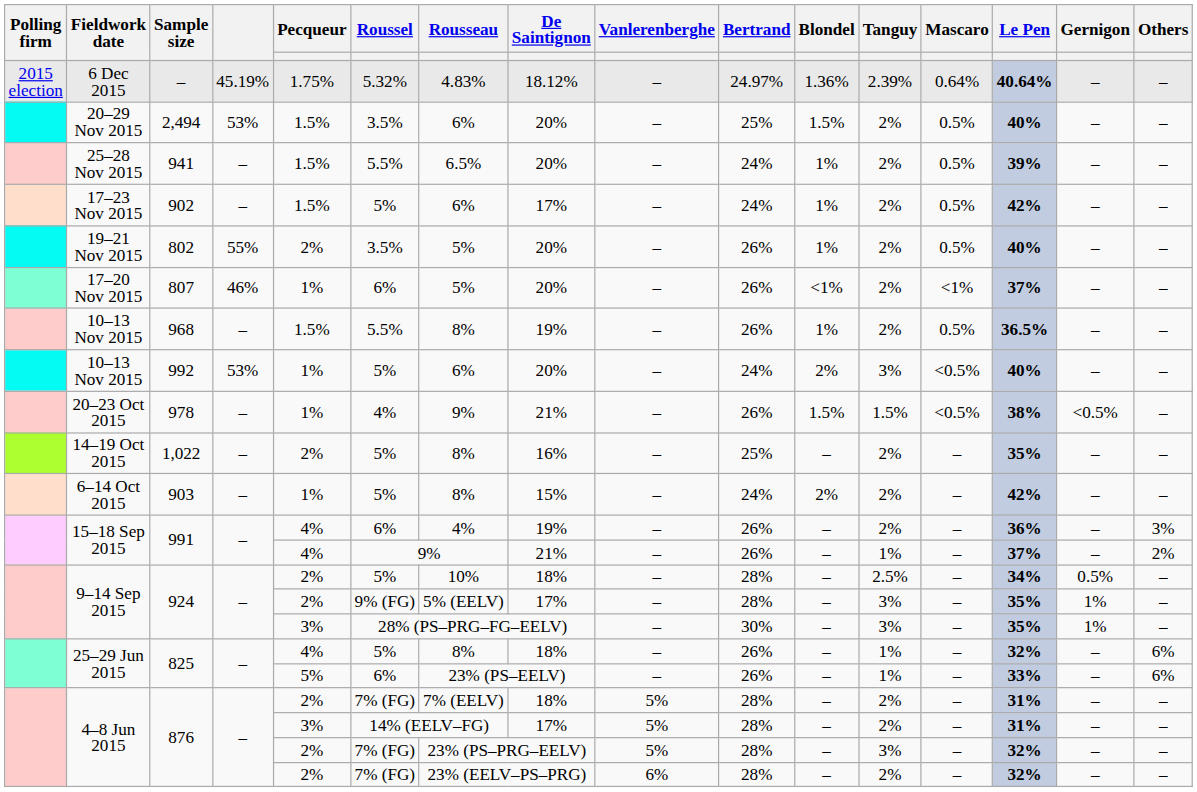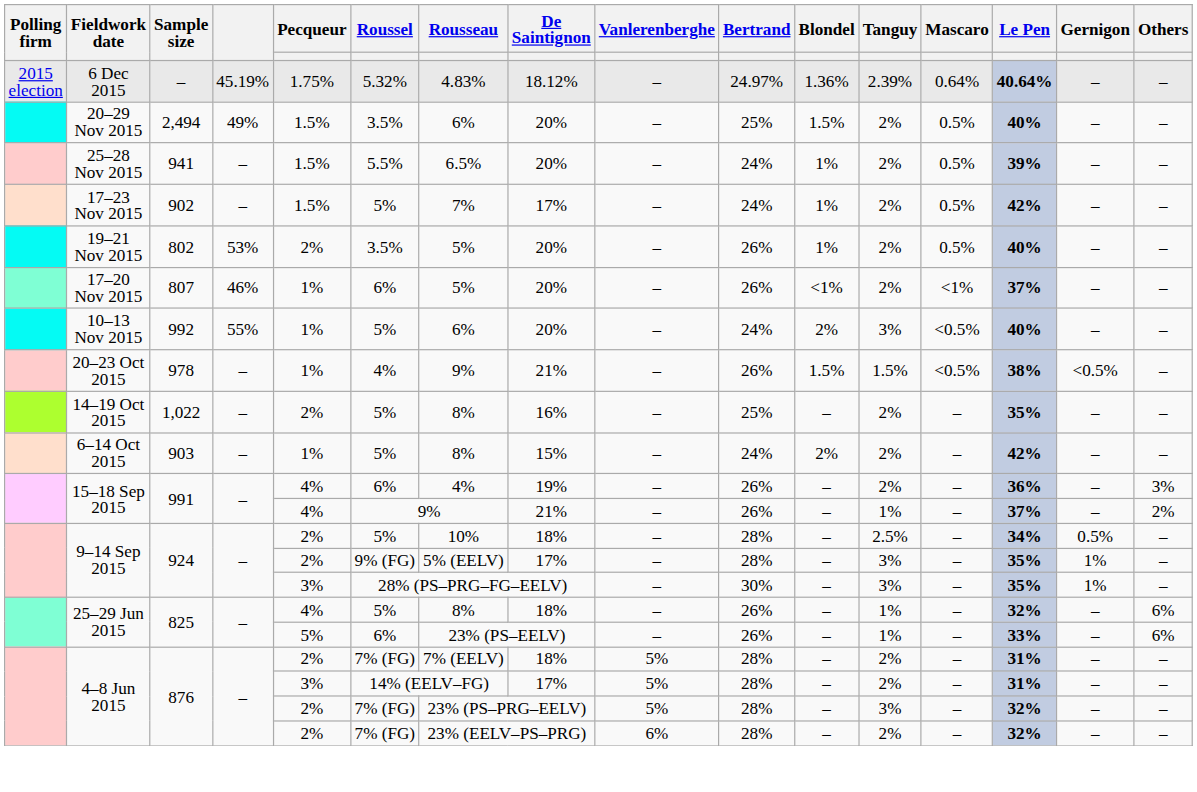 <table class="wikitable sortable" style="text-align:center;font-size:90%;line-height:14px;">
 <tr style="height:40px;">
 <th style="width:100px;" rowspan="2">Polling firm</th>
 <th style="width:110px;" rowspan="2">Fieldwork date</th>
 <th style="width:35px;" rowspan="2">Sample<br>size</th>
 <th style="width:30px;" rowspan="2"></th>
 <th class="unsortable" style="width:60px;">Pecqueur<br></th>
 <th class="unsortable" style="width:60px;"><a href='#'>Roussel</a><br></th>
 <th class="unsortable" style="width:60px;"><a href='#'>Rousseau</a><br></th>
 <th class="unsortable" style="width:60px;"><a href='#'>De Saintignon</a><br></th>
 <th class="unsortable" style="width:60px;"><a href='#'>Vanlerenberghe</a><br></th>
 <th class="unsortable" style="width:60px;"><a href='#'>Bertrand</a><br></th>
 <th class="unsortable" style="width:60px;">Blondel<br></th>
 <th class="unsortable" style="width:60px;">Tanguy<br></th>
 <th class="unsortable" style="width:60px;">Mascaro<br></th>
 <th class="unsortable" style="width:60px;"><a href='#'>Le Pen</a><br></th>
 <th class="unsortable" style="width:60px;">Gernigon<br></th>
 <th class="unsortable" style="width:60px;">Others</th>
 </tr>
 <tr>
 <th style="background:"></th>
 <th style="background:"></th>
 <th style="background:"></th>
 <th style="background:"></th>
 <th style="background:"></th>
 <th style="background:"></th>
 <th style="background:"></th>
 <th style="background:"></th>
 <th style="background:"></th>
 <th style="background:"></th>
 <th style="background:"></th>
 <th style="background:"></th>
 </tr>
 <tr style="background:#E9E9E9;">
 <td><a href='#'>2015 election</a></td>
 <td data-sort-value="2015-12-06">6 Dec 2015</td>
 <td>–</td>
 <td>45.19%</td>
 <td>1.75%</td>
 <td>5.32%</td>
 <td>4.83%</td>
 <td>18.12%</td>
 <td>–</td>
 <td>24.97%</td>
 <td>1.36%</td>
 <td>2.39%</td>
 <td>0.64%</td>
 <td style="background:#C1CCE1;"><strong>40.64%</strong></td>
 <td>–</td>
 <td>–</td>
 </tr>
 <tr>
 <td style="background:#04FBF4;"></td>
 <td data-sort-value="2015-11-29">20–29 Nov 2015</td>
 <td>2,494</td>
-<td>53%</td>
+<td>49%</td>
 <td>1.5%</td>
 <td>3.5%</td>
 <td>6%</td>
 <td>20%</td>
 <td>–</td>
 <td>25%</td>
 <td>1.5%</td>
 <td>2%</td>
 <td>0.5%</td>
 <td style="background:#C1CCE1;"><strong>40%</strong></td>
 <td>–</td>
 <td>–</td>
 </tr>
 <tr>
 <td style="background:#FFCCCC;"></td>
 <td data-sort-value="2015-11-28">25–28 Nov 2015</td>
 <td>941</td>
 <td>–</td>
 <td>1.5%</td>
 <td>5.5%</td>
 <td>6.5%</td>
 <td>20%</td>
 <td>–</td>
 <td>24%</td>
 <td>1%</td>
 <td>2%</td>
 <td>0.5%</td>
 <td style="background:#C1CCE1;"><strong>39%</strong></td>
 <td>–</td>
 <td>–</td>
 </tr>
 <tr>
 <td style="background:#FFDFCC;"></td>
 <td data-sort-value="2015-11-23">17–23 Nov 2015</td>
 <td>902</td>
 <td>–</td>
 <td>1.5%</td>
 <td>5%</td>
-<td>6%</td>
+<td>7%</td>
 <td>17%</td>
 <td>–</td>
 <td>24%</td>
 <td>1%</td>
 <td>2%</td>
 <td>0.5%</td>
 <td style="background:#C1CCE1;"><strong>42%</strong></td>
 <td>–</td>
 <td>–</td>
 </tr>
 <tr>
 <td style="background:#04FBF4;"></td>
 <td data-sort-value="2015-11-21">19–21 Nov 2015</td>
 <td>802</td>
-<td>55%</td>
+<td>53%</td>
 <td>2%</td>
 <td>3.5%</td>
 <td>5%</td>
 <td>20%</td>
 <td>–</td>
 <td>26%</td>
 <td>1%</td>
 <td>2%</td>
 <td>0.5%</td>
 <td style="background:#C1CCE1;"><strong>40%</strong></td>
 <td>–</td>
 <td>–</td>
 </tr>
 <tr>
 <td style="background:aquamarine;"></td>
 <td data-sort-value="2015-11-20">17–20 Nov 2015</td>
 <td>807</td>
 <td>46%</td>
 <td>1%</td>
 <td>6%</td>
 <td>5%</td>
 <td>20%</td>
 <td>–</td>
 <td>26%</td>
 <td data-sort-value="0%"><1%</td>
 <td>2%</td>
 <td data-sort-value="0%"><1%</td>
 <td style="background:#C1CCE1;"><strong>37%</strong></td>
 <td>–</td>
 <td>–</td>
 </tr>
 <tr>
-<td style="background:#FFCCCC;"></td>
-<td data-sort-value="2015-11-13">10–13 Nov 2015</td>
-<td>968</td>
-<td>–</td>
-<td>1.5%</td>
-<td>5.5%</td>
-<td>8%</td>
-<td>19%</td>
-<td>–</td>
-<td>26%</td>
-<td>1%</td>
-<td>2%</td>
-<td>0.5%</td>
-<td style="background:#C1CCE1;"><strong>36.5%</strong></td>
-<td>–</td>
-<td>–</td>
-</tr>
-<tr>
 <td style="background:#04FBF4;"></td>
 <td data-sort-value="2015-11-13">10–13 Nov 2015</td>
 <td>992</td>
-<td>53%</td>
+<td>55%</td>
 <td>1%</td>
 <td>5%</td>
 <td>6%</td>
 <td>20%</td>
 <td>–</td>
 <td>24%</td>
 <td>2%</td>
 <td>3%</td>
 <td data-sort-value="0%"><0.5%</td>
 <td style="background:#C1CCE1;"><strong>40%</strong></td>
 <td>–</td>
 <td>–</td>
 </tr>
 <tr>
 <td style="background:#FFCCCC;"></td>
 <td data-sort-value="2015-10-23">20–23 Oct 2015</td>
 <td>978</td>
 <td>–</td>
 <td>1%</td>
 <td>4%</td>
 <td>9%</td>
 <td>21%</td>
 <td>–</td>
 <td>26%</td>
 <td>1.5%</td>
 <td>1.5%</td>
 <td data-sort-value="0%"><0.5%</td>
 <td style="background:#C1CCE1;"><strong>38%</strong></td>
 <td data-sort-value="0%"><0.5%</td>
 <td>–</td>
 </tr>
 <tr>
 <td style="background:GreenYellow;"></td>
 <td data-sort-value="2015-10-19">14–19 Oct 2015</td>
 <td>1,022</td>
 <td>–</td>
 <td>2%</td>
 <td>5%</td>
 <td>8%</td>
 <td>16%</td>
 <td>–</td>
 <td>25%</td>
 <td>–</td>
 <td>2%</td>
 <td>–</td>
 <td style="background:#C1CCE1;"><strong>35%</strong></td>
 <td>–</td>
 <td>–</td>
 </tr>
 <tr>
 <td style="background:#FFDFCC;"></td>
 <td data-sort-value="2015-10-14">6–14 Oct 2015</td>
 <td>903</td>
 <td>–</td>
 <td>1%</td>
 <td>5%</td>
 <td>8%</td>
 <td>15%</td>
 <td>–</td>
 <td>24%</td>
 <td>2%</td>
 <td>2%</td>
 <td>–</td>
 <td style="background:#C1CCE1;"><strong>42%</strong></td>
 <td>–</td>
 <td>–</td>
 </tr>
 <tr>
 <td rowspan="2" style="background:#FFCCFF;"></td>
 <td rowspan="2" data-sort-value="2015-09-18">15–18 Sep 2015</td>
 <td rowspan="2">991</td>
 <td rowspan="2">–</td>
 <td>4%</td>
 <td>6%</td>
 <td>4%</td>
 <td>19%</td>
 <td>–</td>
 <td>26%</td>
 <td>–</td>
 <td>2%</td>
 <td>–</td>
 <td style="background:#C1CCE1;"><strong>36%</strong></td>
 <td>–</td>
 <td>3%</td>
 </tr>
 <tr>
 <td>4%</td>
 <td colspan="2">9%</td>
 <td>21%</td>
 <td>–</td>
 <td>26%</td>
 <td>–</td>
 <td>1%</td>
 <td>–</td>
 <td style="background:#C1CCE1;"><strong>37%</strong></td>
 <td>–</td>
 <td>2%</td>
 </tr>
 <tr>
 <td rowspan="3" style="background:#FFCCCC;"></td>
 <td rowspan="3" data-sort-value="2015-09-14">9–14 Sep 2015</td>
 <td rowspan="3">924</td>
 <td rowspan="3">–</td>
 <td>2%</td>
 <td>5%</td>
 <td>10%</td>
 <td>18%</td>
 <td>–</td>
 <td>28%</td>
 <td>–</td>
 <td>2.5%</td>
 <td>–</td>
 <td style="background:#C1CCE1;"><strong>34%</strong></td>
 <td>0.5%</td>
 <td>–</td>
 </tr>
 <tr>
 <td>2%</td>
 <td>9% (FG)</td>
 <td>5% (EELV)</td>
 <td>17%</td>
 <td>–</td>
 <td>28%</td>
 <td>–</td>
 <td>3%</td>
 <td>–</td>
 <td style="background:#C1CCE1;"><strong>35%</strong></td>
 <td>1%</td>
 <td>–</td>
 </tr>
 <tr>
 <td>3%</td>
 <td colspan="3">28% (PS–PRG–FG–EELV)</td>
 <td>–</td>
 <td>30%</td>
 <td>–</td>
 <td>3%</td>
 <td>–</td>
 <td style="background:#C1CCE1;"><strong>35%</strong></td>
 <td>1%</td>
 <td>–</td>
 </tr>
 <tr>
 <td rowspan="2" style="background:aquamarine;"></td>
 <td rowspan="2" data-sort-value="2015-06-29">25–29 Jun 2015</td>
 <td rowspan="2">825</td>
 <td rowspan="2">–</td>
 <td>4%</td>
 <td>5%</td>
 <td>8%</td>
 <td>18%</td>
 <td>–</td>
 <td>26%</td>
 <td>–</td>
 <td>1%</td>
 <td>–</td>
 <td style="background:#C1CCE1;"><strong>32%</strong></td>
 <td>–</td>
 <td>6%</td>
 </tr>
 <tr>
 <td>5%</td>
 <td>6%</td>
 <td colspan="2">23% (PS–EELV)</td>
 <td>–</td>
 <td>26%</td>
 <td>–</td>
 <td>1%</td>
 <td>–</td>
 <td style="background:#C1CCE1;"><strong>33%</strong></td>
 <td>–</td>
 <td>6%</td>
 </tr>
 <tr>
 <td rowspan="4" style="background:#FFCCCC;"></td>
 <td rowspan="4" data-sort-value="2015-06-08">4–8 Jun 2015</td>
 <td rowspan="4">876</td>
 <td rowspan="4">–</td>
 <td>2%</td>
 <td>7% (FG)</td>
 <td>7% (EELV)</td>
 <td>18%</td>
 <td>5%</td>
 <td>28%</td>
 <td>–</td>
 <td>2%</td>
 <td>–</td>
 <td style="background:#C1CCE1;"><strong>31%</strong></td>
 <td>–</td>
 <td>–</td>
 </tr>
 <tr>
 <td>3%</td>
 <td colspan="2">14% (EELV–FG)</td>
 <td>17%</td>
 <td>5%</td>
 <td>28%</td>
 <td>–</td>
 <td>2%</td>
 <td>–</td>
 <td style="background:#C1CCE1;"><strong>31%</strong></td>
 <td>–</td>
 <td>–</td>
 </tr>
 <tr>
 <td>2%</td>
 <td>7% (FG)</td>
 <td colspan="2">23% (PS–PRG–EELV)</td>
 <td>5%</td>
 <td>28%</td>
 <td>–</td>
 <td>3%</td>
 <td>–</td>
 <td style="background:#C1CCE1;"><strong>32%</strong></td>
 <td>–</td>
 <td>–</td>
 </tr>
 <tr>
 <td>2%</td>
 <td>7% (FG)</td>
 <td colspan="2">23% (EELV–PS–PRG)</td>
 <td>6%</td>
 <td>28%</td>
 <td>–</td>
 <td>2%</td>
 <td>–</td>
 <td style="background:#C1CCE1;"><strong>32%</strong></td>
 <td>–</td>
 <td>–</td>
 </tr>
 </table>
